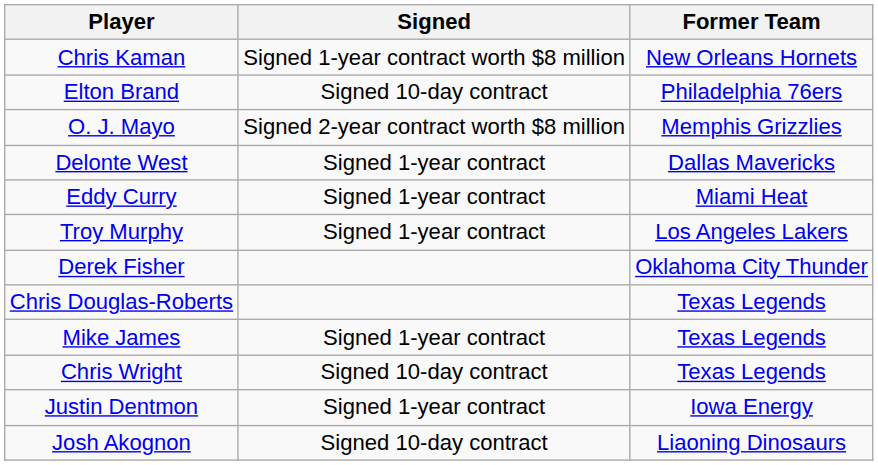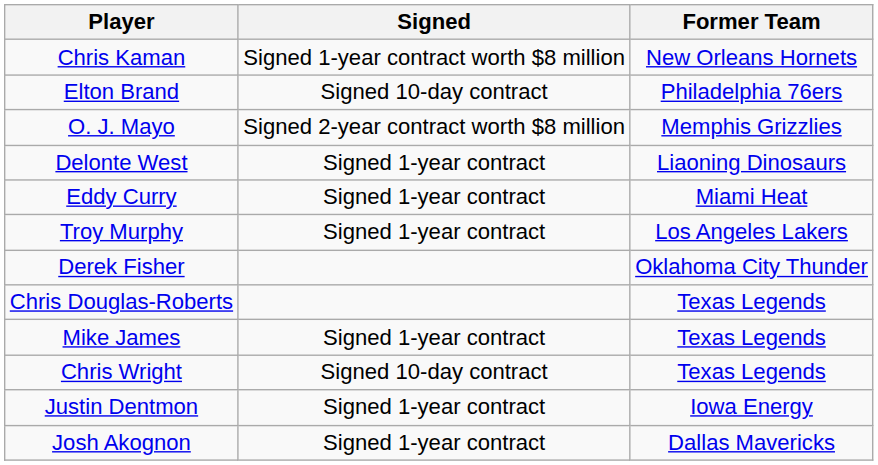 <table class="wikitable sortable sortable">
 <tr>
 <th>Player</th>
 <th>Signed</th>
 <th>Former Team</th>
 </tr>
 <tr style="text-align: center">
 <td><a href='#'>Chris Kaman</a></td>
 <td>Signed 1-year contract worth $8 million</td>
 <td><a href='#'>New Orleans Hornets</a></td>
 </tr>
 <tr style="text-align: center">
 <td><a href='#'>Elton Brand</a></td>
 <td>Signed 10-day contract</td>
 <td><a href='#'>Philadelphia 76ers</a></td>
 </tr>
 <tr style="text-align: center">
 <td><a href='#'>O. J. Mayo</a></td>
 <td>Signed 2-year contract worth $8 million</td>
 <td><a href='#'>Memphis Grizzlies</a></td>
 </tr>
 <tr style="text-align: center">
 <td><a href='#'>Delonte West</a></td>
 <td>Signed 1-year contract</td>
-<td><a href='#'>Dallas Mavericks</a></td>
+<td><a href='#'>Liaoning Dinosaurs</a></td>
 </tr>
 <tr style="text-align: center">
 <td><a href='#'>Eddy Curry</a></td>
 <td>Signed 1-year contract</td>
 <td><a href='#'>Miami Heat</a></td>
 </tr>
 <tr style="text-align: center">
 <td><a href='#'>Troy Murphy</a></td>
 <td>Signed 1-year contract</td>
 <td><a href='#'>Los Angeles Lakers</a></td>
 </tr>
 <tr style="text-align: center">
 <td><a href='#'>Derek Fisher</a></td>
 <td></td>
 <td><a href='#'>Oklahoma City Thunder</a></td>
 </tr>
 <tr style="text-align: center">
 <td><a href='#'>Chris Douglas-Roberts</a></td>
 <td></td>
 <td><a href='#'>Texas Legends</a></td>
 </tr>
 <tr style="text-align: center">
 <td><a href='#'>Mike James</a></td>
 <td>Signed 1-year contract</td>
 <td><a href='#'>Texas Legends</a></td>
 </tr>
 <tr style="text-align: center">
 <td><a href='#'>Chris Wright</a></td>
 <td>Signed 10-day contract</td>
 <td><a href='#'>Texas Legends</a></td>
 </tr>
 <tr style="text-align: center">
 <td><a href='#'>Justin Dentmon</a></td>
 <td>Signed 1-year contract</td>
 <td><a href='#'>Iowa Energy</a></td>
 </tr>
 <tr style="text-align: center">
 <td><a href='#'>Josh Akognon</a></td>
-<td>Signed 10-day contract</td>
-<td><a href='#'>Liaoning Dinosaurs</a></td>
+<td>Signed 1-year contract</td>
+<td><a href='#'>Dallas Mavericks</a></td>
 </tr>
 </table>
